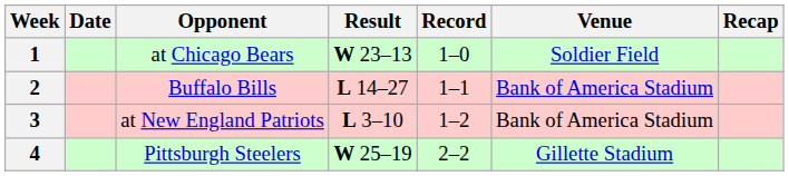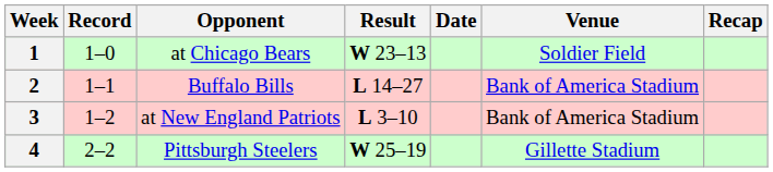 <table class="wikitable" style="text-align:center">
 <tr>
 <th>Week</th>
-<th>Date</th>
+<th>Record</th>
 <th>Opponent</th>
 <th>Result</th>
-<th>Record</th>
+<th>Date</th>
 <th>Venue</th>
 <th>Recap</th>
 </tr>
 <tr style="background:#cfc">
 <th>1</th>
-<td></td>
+<td>1–0</td>
 <td>at <a href='#'>Chicago Bears</a></td>
 <td><strong>W</strong> 23–13</td>
-<td>1–0</td>
+<td></td>
 <td><a href='#'>Soldier Field</a></td>
 <td></td>
 </tr>
 <tr style="background:#fcc">
 <th>2</th>
-<td></td>
+<td>1–1</td>
 <td><a href='#'>Buffalo Bills</a></td>
 <td><strong>L</strong> 14–27</td>
-<td>1–1</td>
+<td></td>
 <td><a href='#'>Bank of America Stadium</a></td>
 <td></td>
 </tr>
 <tr style="background:#fcc">
 <th>3</th>
-<td></td>
+<td>1–2</td>
 <td>at <a href='#'>New England Patriots</a></td>
 <td><strong>L</strong> 3–10</td>
-<td>1–2</td>
+<td></td>
 <td>Bank of America Stadium</td>
 <td></td>
 </tr>
 <tr style="background:#cfc">
 <th>4</th>
-<td></td>
+<td>2–2</td>
 <td><a href='#'>Pittsburgh Steelers</a></td>
 <td><strong>W</strong> 25–19</td>
-<td>2–2</td>
+<td></td>
 <td><a href='#'>Gillette Stadium</a></td>
 <td></td>
 </tr>
 </table>
